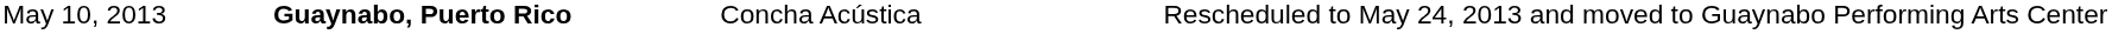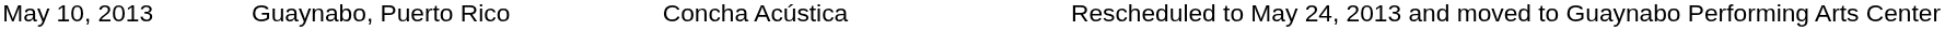 <table cellpadding="2" style="border: 0px solid darkgray; font-size:90%">
 <tr>
 <th width="150"></th>
 <th width="250"></th>
 <th width="250"></th>
 <th width="700"></th>
 </tr>
 <tr border="0">
 <td>May 10, 2013</td>
-<td><strong>Guaynabo, Puerto Rico</strong></td>
+<td>Guaynabo, Puerto Rico</td>
 <td>Concha Acústica</td>
 <td>Rescheduled to May 24, 2013 and moved to Guaynabo Performing Arts Center</td>
 </tr>
 <tr>
 </tr>
 </table>
